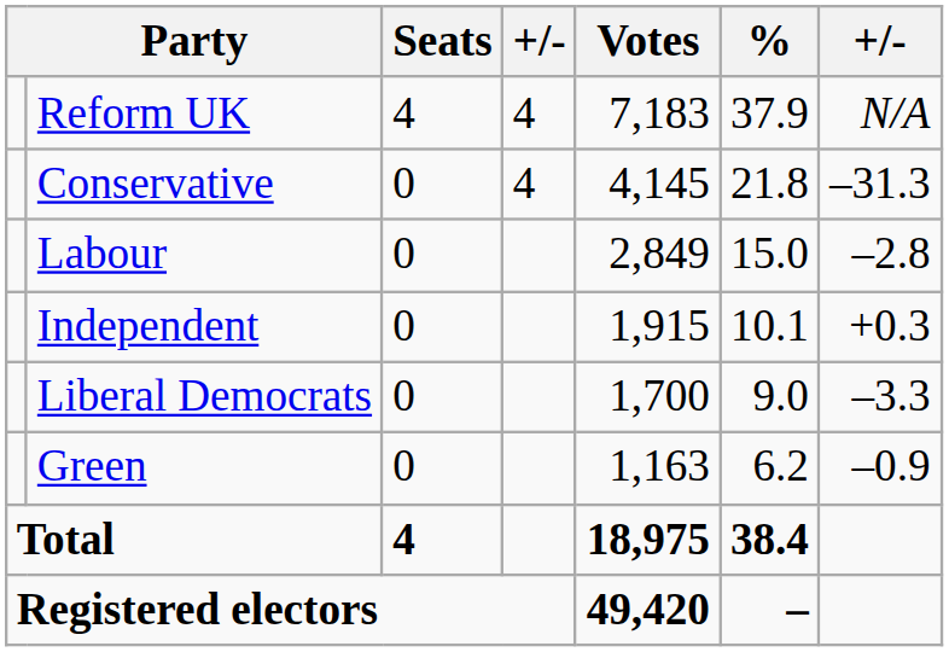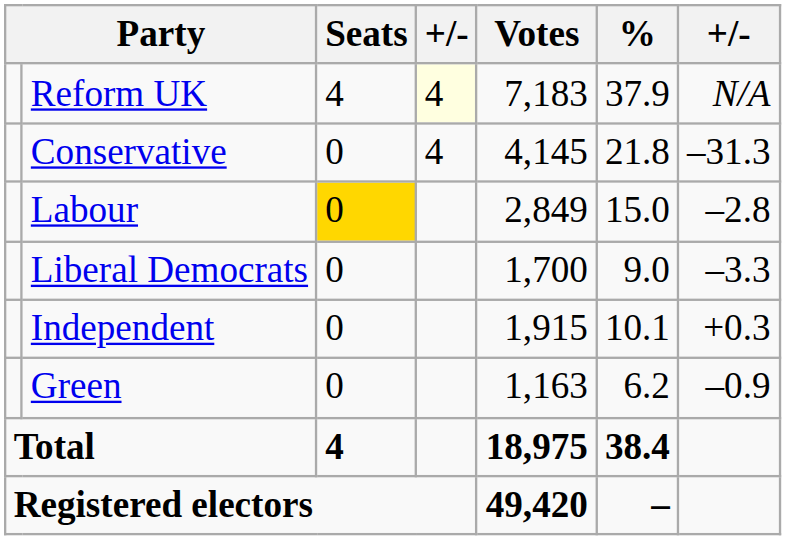 <table class="wikitable sortable">
 <tr>
 <th colspan="2">Party</th>
 <th>Seats</th>
 <th>+/-</th>
 <th>Votes</th>
 <th>%</th>
 <th>+/-</th>
 </tr>
 <tr>
 <td style="background-color: "></td>
 <td><a href='#'>Reform UK</a></td>
 <td>4</td>
-<td> 4</td>
+<td style="background: lightyellow;"> 4</td>
 <td style="text-align:right;">7,183</td>
 <td style="text-align:right;">37.9</td>
 <td style="text-align:right;"><em>N/A</em></td>
 </tr>
 <tr>
 <td style="background-color: "></td>
 <td><a href='#'>Conservative</a></td>
 <td>0</td>
 <td> 4</td>
 <td style="text-align:right;">4,145</td>
 <td style="text-align:right;">21.8</td>
 <td style="text-align:right;">–31.3</td>
 </tr>
 <tr>
 <td style="background-color: "></td>
 <td><a href='#'>Labour</a></td>
-<td>0</td>
+<td style="background: gold;">0</td>
 <td></td>
 <td style="text-align:right;">2,849</td>
 <td style="text-align:right;">15.0</td>
 <td style="text-align:right;">–2.8</td>
+</tr>
+<tr>
+<td style="background-color: "></td>
+<td><a href='#'>Liberal Democrats</a></td>
+<td>0</td>
+<td></td>
+<td style="text-align:right;">1,700</td>
+<td style="text-align:right;">9.0</td>
+<td style="text-align:right;">–3.3</td>
 </tr>
 <tr>
 <td style="background-color: "></td>
 <td><a href='#'>Independent</a></td>
 <td>0</td>
 <td></td>
 <td style="text-align:right;">1,915</td>
 <td style="text-align:right;">10.1</td>
 <td style="text-align:right;">+0.3</td>
-</tr>
-<tr>
-<td style="background-color: "></td>
-<td><a href='#'>Liberal Democrats</a></td>
-<td>0</td>
-<td></td>
-<td style="text-align:right;">1,700</td>
-<td style="text-align:right;">9.0</td>
-<td style="text-align:right;">–3.3</td>
 </tr>
 <tr>
 <td style="background-color: "></td>
 <td><a href='#'>Green</a></td>
 <td>0</td>
 <td></td>
 <td style="text-align:right;">1,163</td>
 <td style="text-align:right;">6.2</td>
 <td style="text-align:right;">–0.9</td>
 </tr>
 <tr>
 <td colspan="2"><strong>Total</strong></td>
 <td><strong>4</strong></td>
 <td></td>
 <td style="text-align:right;"><strong>18,975</strong></td>
 <td style="text-align:right;"><strong>38.4</strong></td>
 <td style="text-align:right;"></td>
 </tr>
 <tr>
 <td colspan="4"><strong>Registered electors</strong></td>
 <td style="text-align:right;"><strong>49,420</strong></td>
 <td style="text-align:right;"><strong>–</strong></td>
 <td style="text-align:right;"></td>
 </tr>
 </table>
